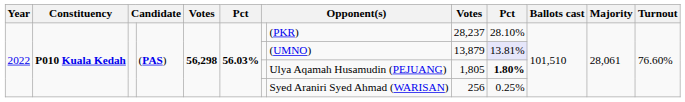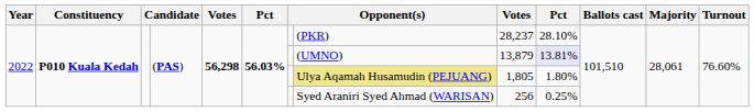 <table class="wikitable" style="margin:0.5em ; font-size:95%">
 <tr>
 <th>Year</th>
 <th>Constituency</th>
 <th colspan=2>Candidate</th>
 <th>Votes</th>
 <th>Pct</th>
 <th colspan=2>Opponent(s)</th>
 <th>Votes</th>
 <th>Pct</th>
 <th>Ballots cast</th>
 <th>Majority</th>
 <th>Turnout</th>
 </tr>
 <tr>
 <td rowspan=4><a href='#'>2022</a></td>
 <td rowspan=4><strong>P010 <a href='#'>Kuala Kedah</a></strong></td>
 <td rowspan=4 bgcolor=></td>
 <td rowspan=4> (<a href='#'><strong>PAS</strong></a>)</td>
 <td rowspan=4 align="right"><strong>56,298</strong></td>
 <td rowspan=4><strong>56.03%</strong></td>
 <td></td>
 <td> (<a href='#'>PKR</a>)</td>
 <td align="right">28,237</td>
 <td>28.10%</td>
 <td rowspan=4>101,510</td>
 <td rowspan=4>28,061</td>
 <td rowspan=4>76.60%</td>
 </tr>
 <tr>
 <td></td>
 <td> (<a href='#'>UMNO</a>)</td>
 <td align="right">13,879</td>
 <td style="background: lavender;">13.81%</td>
 </tr>
 <tr>
 <td bgcolor=></td>
-<td>Ulya Aqamah Husamudin (<a href='#'>PEJUANG</a>)</td>
+<td style="background: khaki;">Ulya Aqamah Husamudin (<a href='#'>PEJUANG</a>)</td>
 <td align="right">1,805</td>
-<td align=right><strong>1.80%</strong></td>
+<td align=right>1.80%</td>
 </tr>
 <tr>
 <td></td>
 <td>Syed Araniri Syed Ahmad (<a href='#'>WARISAN</a>)</td>
 <td align="right">256</td>
 <td align=right>0.25%</td>
 </tr>
 </table>
